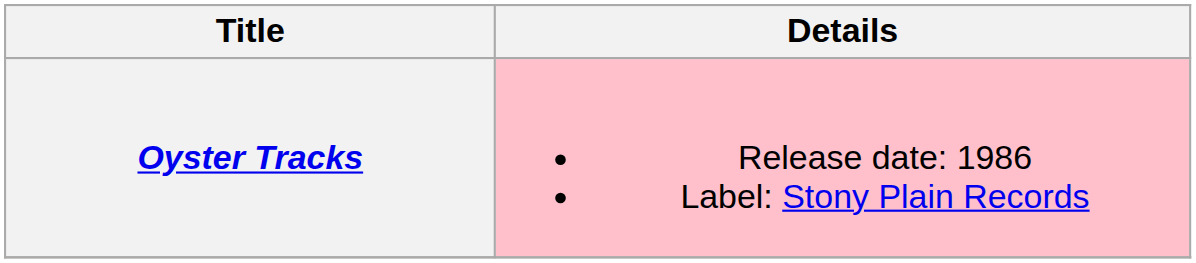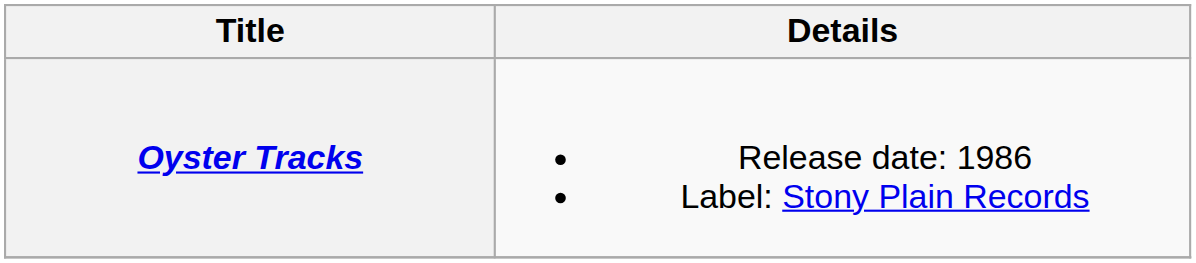 <table class="wikitable plainrowheaders" style="text-align:center;">
 <tr>
 <th style="width:14em;">Title</th>
 <th style="width:20em;">Details</th>
 </tr>
 <tr>
 <th scope="row"><em><a href='#'>Oyster Tracks</a></em></th>
-<td style="background: pink;"><br><ul><li>Release date: 1986</li><li>Label: <a href='#'>Stony Plain Records</a></li></ul></td>
+<td><br><ul><li>Release date: 1986</li><li>Label: <a href='#'>Stony Plain Records</a></li></ul></td>
 </tr>
 <tr>
 </tr>
 </table>
